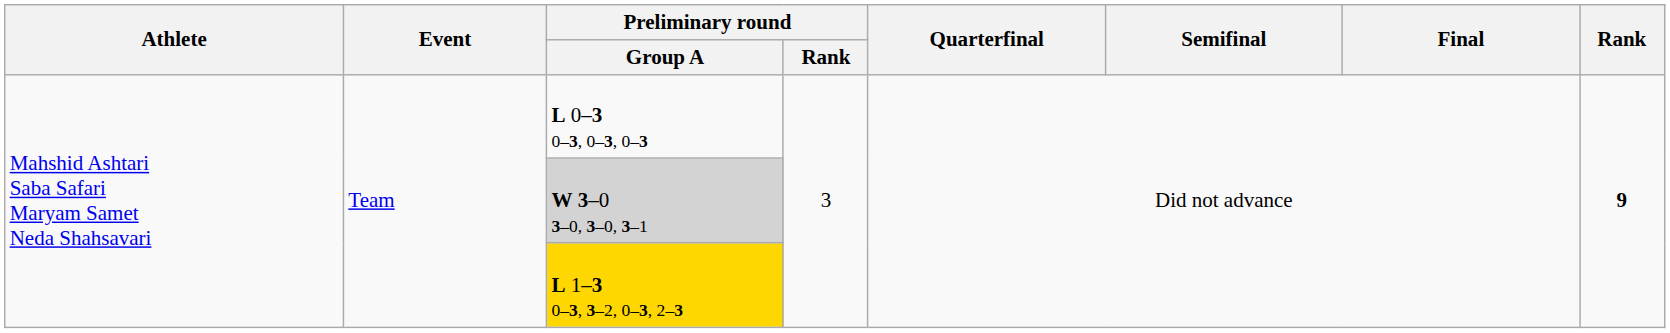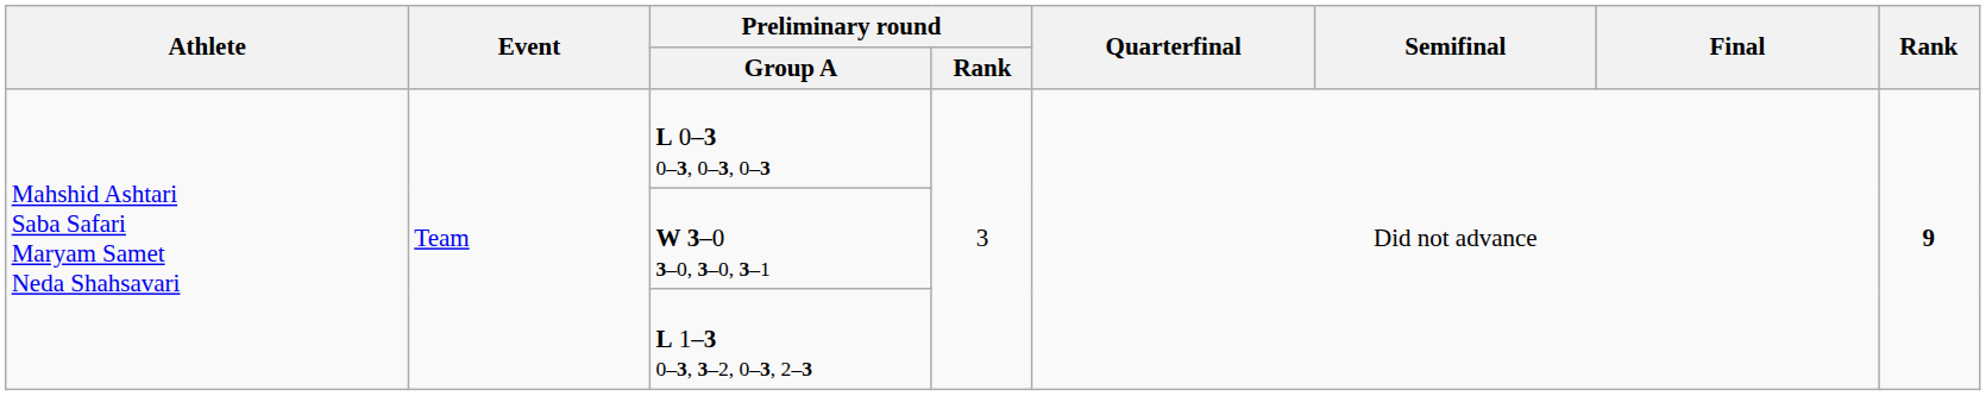 <table class="wikitable" width="90%" style="text-align:left; font-size:90%">
 <tr>
 <th rowspan="2" width="20%">Athlete</th>
 <th rowspan="2" width="12%">Event</th>
 <th colspan="2">Preliminary round</th>
 <th rowspan="2" width="14%">Quarterfinal</th>
 <th rowspan="2" width="14%">Semifinal</th>
 <th rowspan="2" width="14%">Final</th>
 <th rowspan="2" width="5%">Rank</th>
 </tr>
 <tr>
 <th width="14%">Group A</th>
 <th width="5%">Rank</th>
 </tr>
 <tr>
 <td rowspan="3"><a href='#'>Mahshid Ashtari</a><br><a href='#'>Saba Safari</a><br><a href='#'>Maryam Samet</a><br><a href='#'>Neda Shahsavari</a></td>
 <td rowspan="3"><a href='#'>Team</a></td>
 <td><br><strong>L</strong> 0–<strong>3</strong><br><small>0–<strong>3</strong>, 0–<strong>3</strong>, 0–<strong>3</strong></small></td>
 <td rowspan="3" align=center>3</td>
 <td rowspan="3" colspan=3 align=center>Did not advance</td>
 <td rowspan="3" align="center"><strong>9</strong></td>
 </tr>
 <tr>
-<td style="background: lightgrey;"><br><strong>W</strong> <strong>3</strong>–0<br><small><strong>3</strong>–0, <strong>3</strong>–0, <strong>3</strong>–1</small></td>
+<td><br><strong>W</strong> <strong>3</strong>–0<br><small><strong>3</strong>–0, <strong>3</strong>–0, <strong>3</strong>–1</small></td>
 </tr>
 <tr>
-<td style="background: gold;"><br><strong>L</strong> 1–<strong>3</strong><br><small>0–<strong>3</strong>, <strong>3</strong>–2, 0–<strong>3</strong>, 2–<strong>3</strong></small></td>
+<td><br><strong>L</strong> 1–<strong>3</strong><br><small>0–<strong>3</strong>, <strong>3</strong>–2, 0–<strong>3</strong>, 2–<strong>3</strong></small></td>
 </tr>
 </table>
